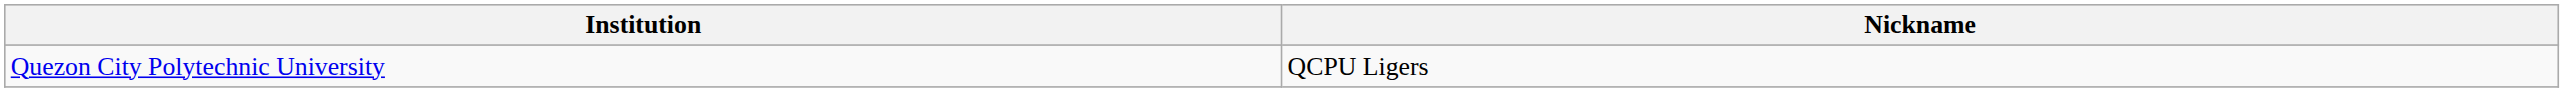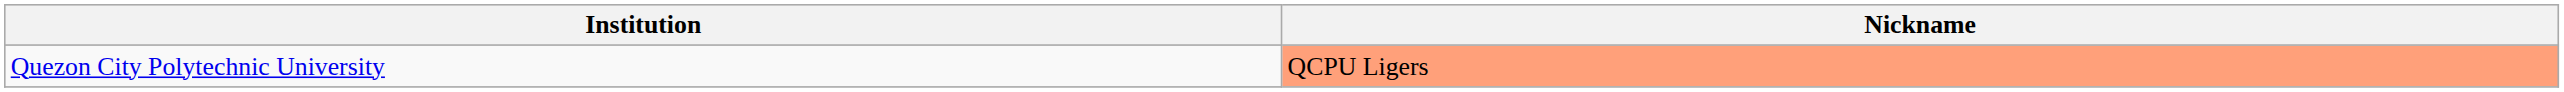 <table class="wikitable" style="width: 80%">
 <tr>
 <th width=7%>Institution</th>
 <th width=7%>Nickname</th>
 </tr>
 <tr>
 <td><a href='#'>Quezon City Polytechnic University</a></td>
-<td>QCPU Ligers</td>
+<td style="background: lightsalmon;">QCPU Ligers</td>
 </tr>
 </table>
